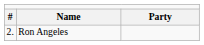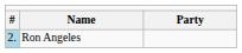 <table class=wikitable style="font-size:90%">
 <tr>
 <td colspan=4 bgcolor=></td>
 </tr>
 <tr>
 <th>#</th>
 <th width=150px>Name</th>
 <th colspan=2 width=110px>Party</th>
 </tr>
 <tr>
-<td>2.</td>
+<td style="background: lightblue;">2.</td>
 <td>Ron Angeles</td>
 <td></td>
 </tr>
 </table>
